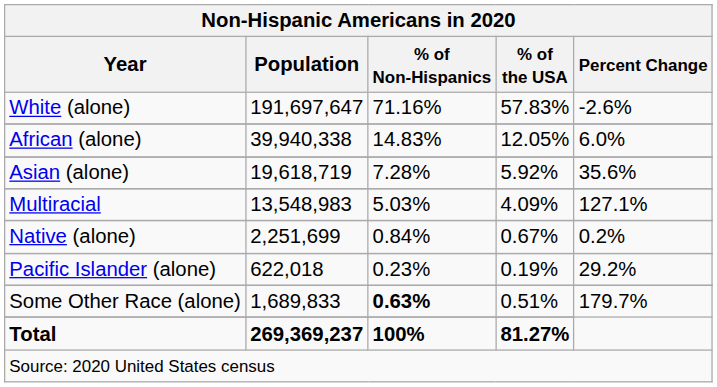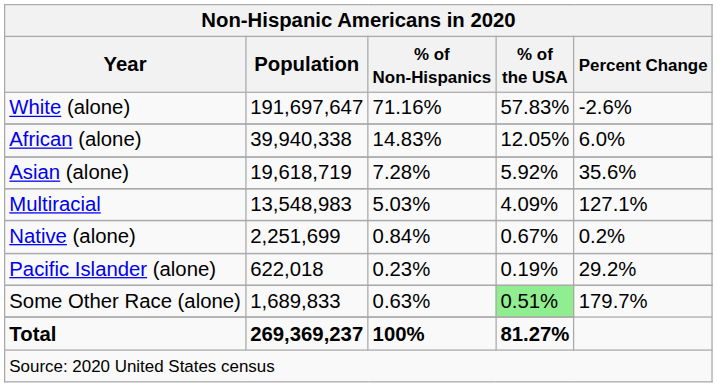 <table class="wikitable" style="float: ;">
 <tr>
 <th colspan="8">Non-Hispanic Americans in 2020</th>
 </tr>
 <tr>
 <th>Year</th>
 <th>Population</th>
 <th><small>% of<br>Non-Hispanics</small></th>
 <th><small>% of<br>the USA</small></th>
 <th><small>Percent Change</small></th>
 </tr>
 <tr>
 <td><a href='#'>White</a> (alone)</td>
 <td>191,697,647</td>
 <td>71.16%</td>
 <td>57.83%</td>
 <td> -2.6%</td>
 </tr>
 <tr>
 </tr>
 <tr>
 <td><a href='#'>African</a> (alone)</td>
 <td>39,940,338</td>
 <td>14.83%</td>
 <td>12.05%</td>
 <td> 6.0%</td>
 </tr>
 <tr>
 </tr>
 <tr>
 <td><a href='#'>Asian</a> (alone)</td>
 <td>19,618,719</td>
 <td>7.28%</td>
 <td>5.92%</td>
 <td> 35.6%</td>
 </tr>
 <tr>
 </tr>
 <tr>
 <td><a href='#'>Multiracial</a></td>
 <td>13,548,983</td>
 <td>5.03%</td>
 <td>4.09%</td>
 <td> 127.1%</td>
 </tr>
 <tr>
 </tr>
 <tr>
 <td><a href='#'>Native</a> (alone)</td>
 <td>2,251,699</td>
 <td>0.84%</td>
 <td>0.67%</td>
 <td> 0.2%</td>
 </tr>
 <tr>
 </tr>
 <tr>
 <td><a href='#'>Pacific Islander</a> (alone)</td>
 <td>622,018</td>
 <td>0.23%</td>
 <td>0.19%</td>
 <td> 29.2%</td>
 </tr>
 <tr>
 </tr>
 <tr>
 <td>Some Other Race (alone)</td>
 <td>1,689,833</td>
-<td><strong>0.63%</strong></td>
-<td>0.51%</td>
+<td>0.63%</td>
+<td style="background: lightgreen;">0.51%</td>
 <td> 179.7%</td>
 </tr>
 <tr>
 </tr>
 <tr>
 <td><strong>Total</strong></td>
 <td><strong>269,369,237</strong></td>
 <td><strong>100%</strong></td>
 <td><strong>81.27%</strong></td>
 </tr>
 <tr>
 <td colspan="8" style="text-align:left;"><small>Source: 2020 United States census</small></td>
 </tr>
 </table>
